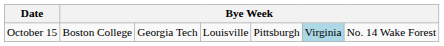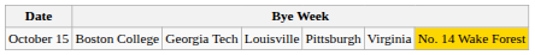 <table class="wikitable" style="font-size:95%;">
 <tr>
 <th>Date</th>
 <th colspan="7">Bye Week</th>
 </tr>
 <tr>
 <td>October 15</td>
 <td>Boston College</td>
 <td>Georgia Tech</td>
 <td>Louisville</td>
 <td>Pittsburgh</td>
-<td style="background: lightblue;">Virginia</td>
-<td>No. 14 Wake Forest</td>
+<td>Virginia</td>
+<td style="background: gold;">No. 14 Wake Forest</td>
 </tr>
 </table>
